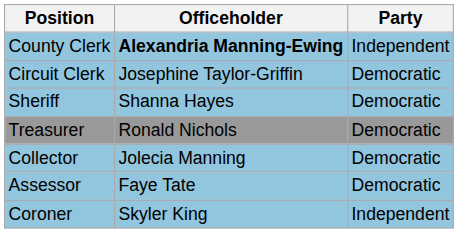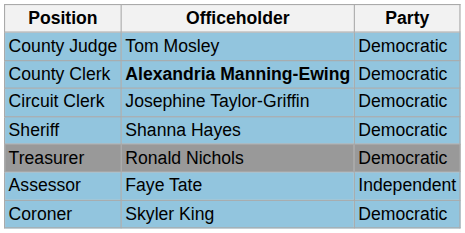 <table class="wikitable">
 <tr>
 <th>Position</th>
 <th>Officeholder</th>
 <th>Party</th>
 </tr>
 <tr style="background-color:#92C5DE;">
+<td>County Judge</td>
+<td>Tom Mosley</td>
+<td>Democratic</td>
+</tr>
+<tr style="background-color:#92C5DE;">
 <td>County Clerk</td>
 <td><strong>Alexandria Manning-Ewing</strong></td>
-<td>Independent</td>
+<td>Democratic</td>
 </tr>
 <tr style="background-color:#92C5DE;">
 <td>Circuit Clerk</td>
 <td>Josephine Taylor-Griffin</td>
 <td>Democratic</td>
 </tr>
 <tr style="background-color:#92C5DE;">
 <td>Sheriff</td>
 <td>Shanna Hayes</td>
 <td>Democratic</td>
 </tr>
 <tr style="background-color:#999999;">
 <td>Treasurer</td>
 <td>Ronald Nichols</td>
 <td>Democratic</td>
 </tr>
 <tr style="background-color:#92C5DE;">
-<td>Collector</td>
-<td>Jolecia Manning</td>
-<td>Democratic</td>
-</tr>
-<tr style="background-color:#92C5DE;">
 <td>Assessor</td>
 <td>Faye Tate</td>
-<td>Democratic</td>
+<td>Independent</td>
 </tr>
 <tr style="background-color:#92C5DE;">
 <td>Coroner</td>
 <td>Skyler King</td>
-<td>Independent</td>
+<td>Democratic</td>
 </tr>
 </table>
